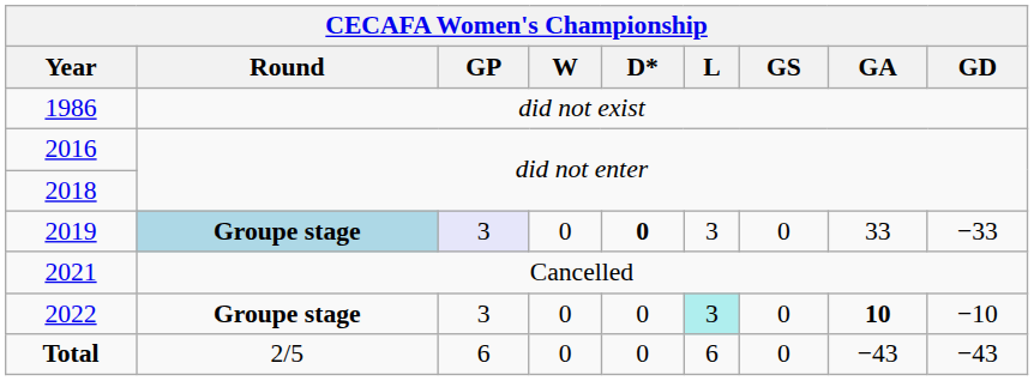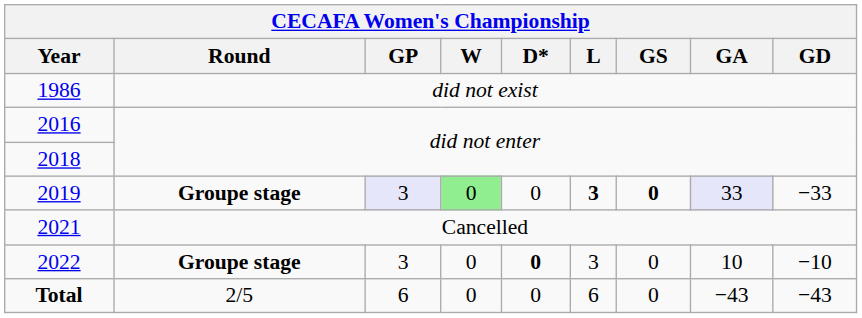 <table class="wikitable" style="text-align: center; width:50%;">
 <tr>
 <th colspan=10><a href='#'>CECAFA Women's Championship</a></th>
 </tr>
 <tr>
 <th>Year</th>
 <th>Round</th>
 <th>GP</th>
 <th>W</th>
 <th>D*</th>
 <th>L</th>
 <th>GS</th>
 <th>GA</th>
 <th>GD</th>
 </tr>
 <tr>
 <td> <a href='#'>1986</a></td>
 <td colspan=8><em>did not exist</em></td>
 </tr>
 <tr>
 <td> <a href='#'>2016</a></td>
 <td rowspan=2 colspan=8><em>did not enter</em></td>
 </tr>
 <tr>
 <td> <a href='#'>2018</a></td>
 </tr>
 <tr>
 <td> <a href='#'>2019</a></td>
-<td style="background: lightblue;"><strong>Groupe stage</strong></td>
+<td><strong>Groupe stage</strong></td>
 <td style="background: lavender;">3</td>
+<td style="background: lightgreen;">0</td>
 <td>0</td>
+<td><strong>3</strong></td>
 <td><strong>0</strong></td>
-<td>3</td>
-<td>0</td>
-<td>33</td>
+<td style="background: lavender;">33</td>
 <td>−33</td>
 </tr>
 <tr>
 <td> <a href='#'>2021</a></td>
 <td colspan=8>Cancelled</td>
 </tr>
 <tr>
 <td> <a href='#'>2022</a></td>
 <td><strong>Groupe stage</strong></td>
 <td>3</td>
 <td>0</td>
+<td><strong>0</strong></td>
+<td>3</td>
 <td>0</td>
-<td style="background: paleturquoise;">3</td>
-<td>0</td>
-<td><strong>10</strong></td>
+<td>10</td>
 <td>−10</td>
 </tr>
 <tr>
 <td><strong>Total</strong></td>
 <td>2/5</td>
 <td>6</td>
 <td>0</td>
 <td>0</td>
 <td>6</td>
 <td>0</td>
 <td>−43</td>
 <td>−43</td>
 </tr>
 </table>
